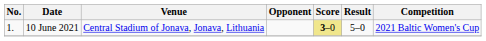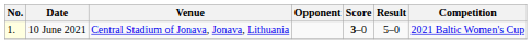 <table class="wikitable">
 <tr>
 <th>No.</th>
 <th>Date</th>
 <th>Venue</th>
 <th>Opponent</th>
 <th>Score</th>
 <th>Result</th>
 <th>Competition</th>
 </tr>
 <tr>
-<td>1.</td>
+<td style="background: lightyellow;">1.</td>
 <td>10 June 2021</td>
 <td><a href='#'>Central Stadium of Jonava</a>, <a href='#'>Jonava</a>, <a href='#'>Lithuania</a></td>
 <td></td>
-<td align=center style="background: khaki;"><strong>3</strong>–0</td>
+<td align=center><strong>3</strong>–0</td>
 <td align=center>5–0</td>
 <td><a href='#'>2021 Baltic Women's Cup</a></td>
 </tr>
 <tr>
 </tr>
 </table>
